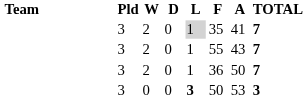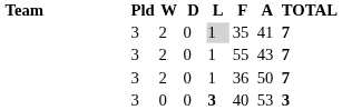 <table>
 <tr>
 <td><br></td>
 </tr>
 <tr border=1 cellpadding=5 cellspacing=0>
 <th width="200">Team</th>
 <th width="20">Pld</th>
 <th width="20">W</th>
 <th width="20">D</th>
 <th width="20">L</th>
 <th width="20">F</th>
 <th width="20">A</th>
 <th width="20">TOTAL</th>
 </tr>
 <tr>
 <td align=left></td>
 <td>3</td>
 <td>2</td>
 <td>0</td>
 <td style="background: lightgrey;">1</td>
 <td>35</td>
 <td>41</td>
 <td><strong>7</strong></td>
 </tr>
 <tr>
 <td align=left></td>
 <td>3</td>
 <td>2</td>
 <td>0</td>
 <td>1</td>
 <td>55</td>
 <td>43</td>
 <td><strong>7</strong></td>
 </tr>
 <tr>
 <td align=left></td>
 <td>3</td>
 <td>2</td>
 <td>0</td>
 <td>1</td>
 <td>36</td>
 <td>50</td>
 <td><strong>7</strong></td>
 </tr>
 <tr>
 <td align=left></td>
 <td>3</td>
 <td>0</td>
 <td>0</td>
 <td><strong>3</strong></td>
-<td>50</td>
+<td>40</td>
 <td>53</td>
 <td><strong>3</strong></td>
 </tr>
 </table>
